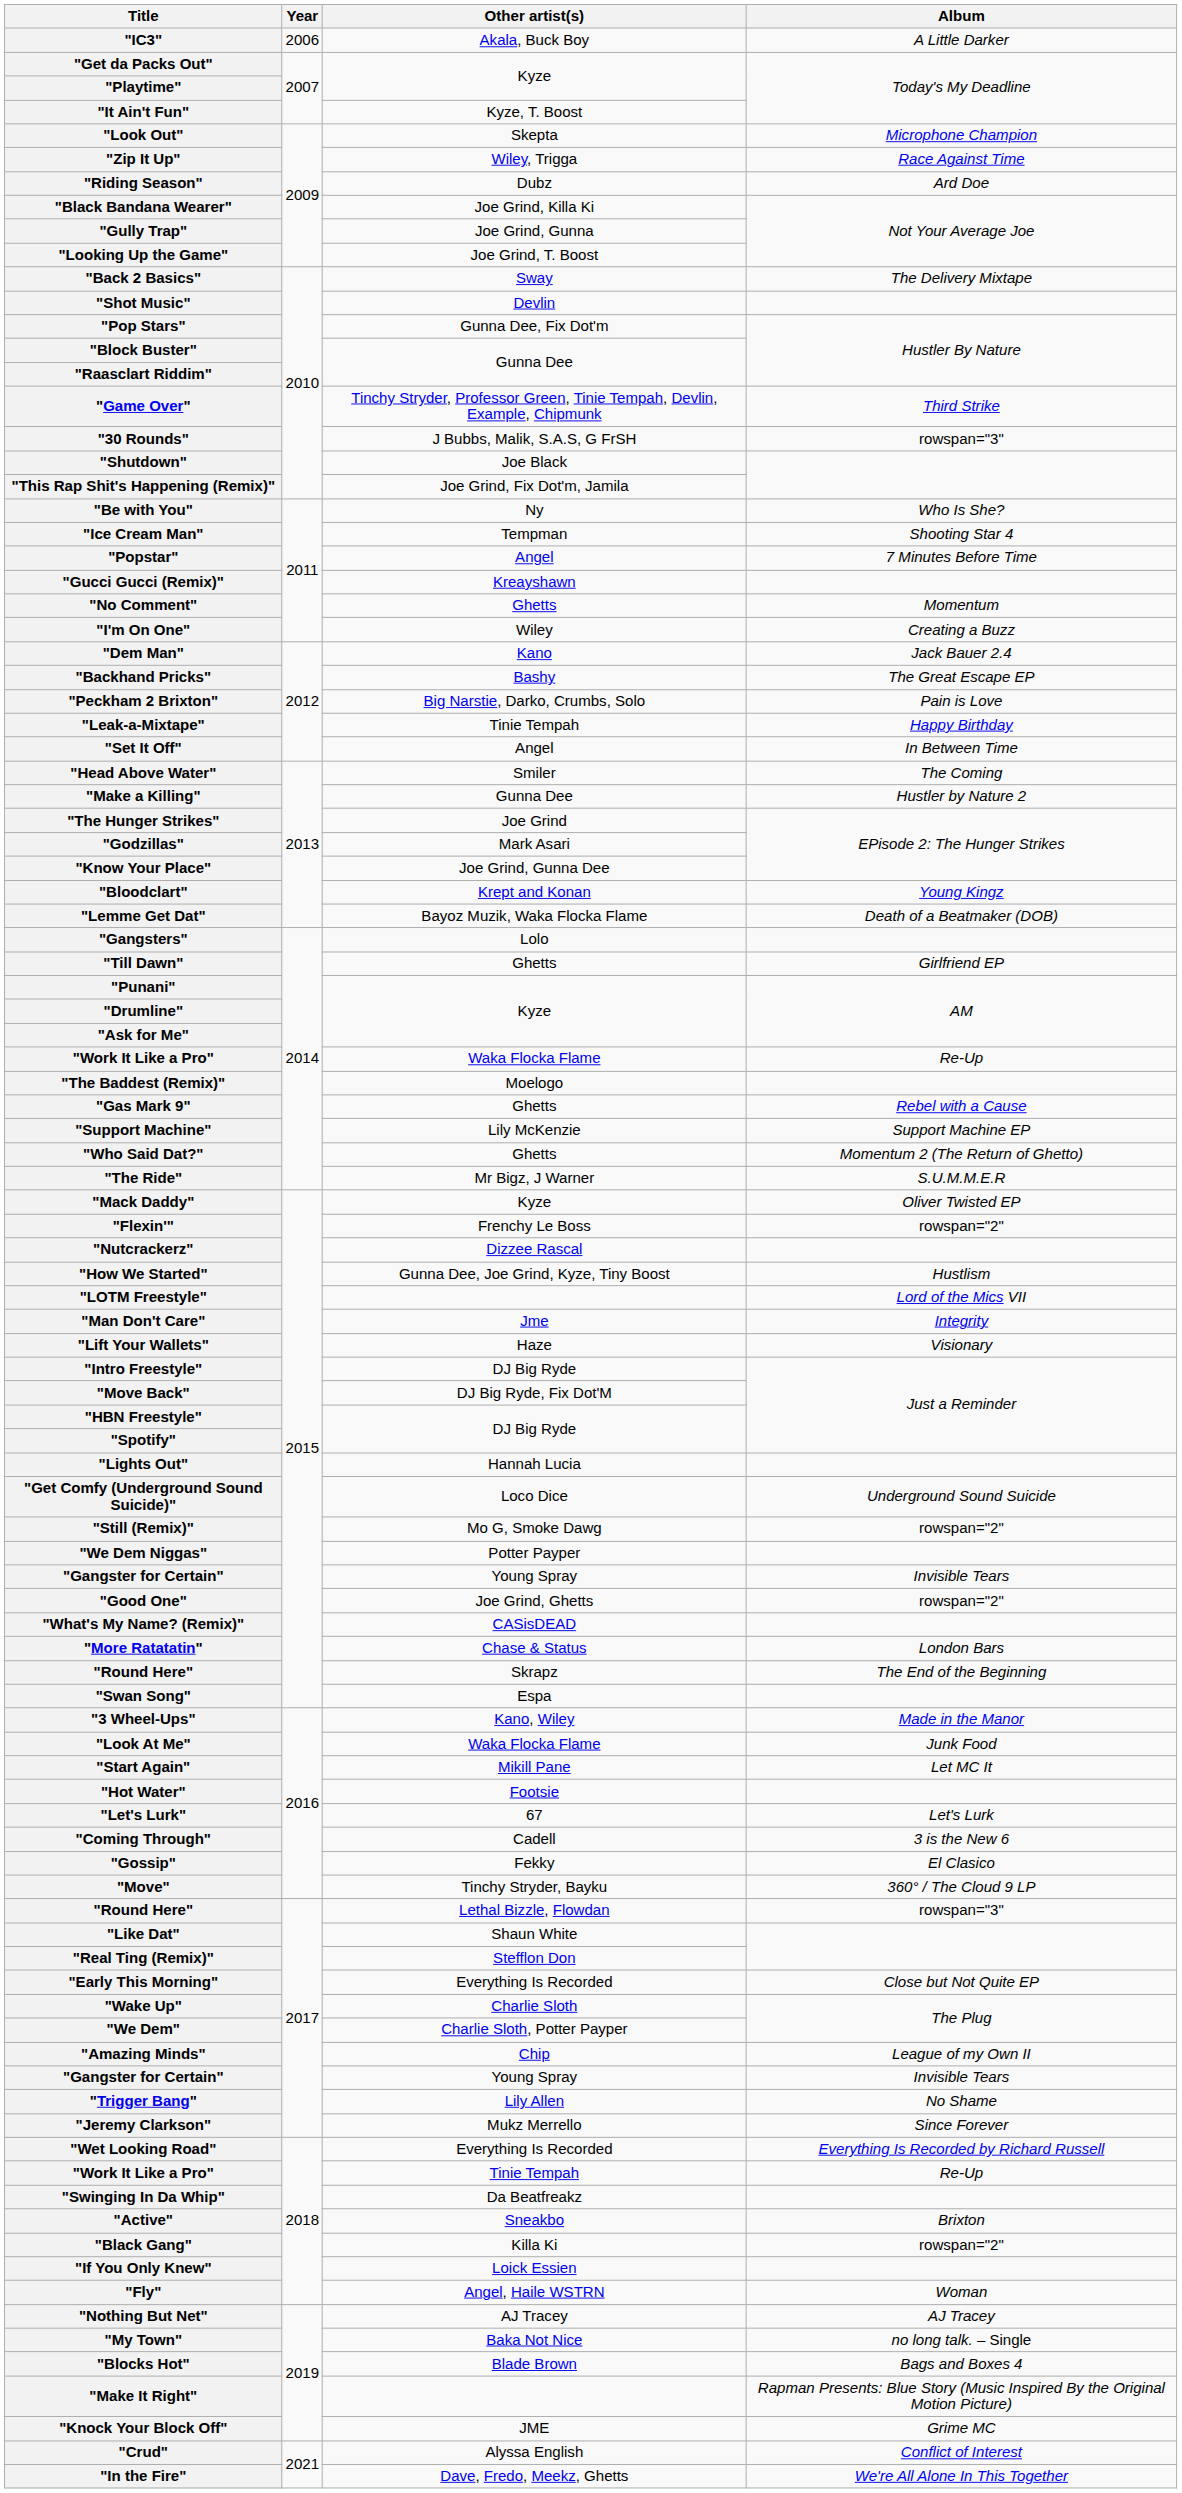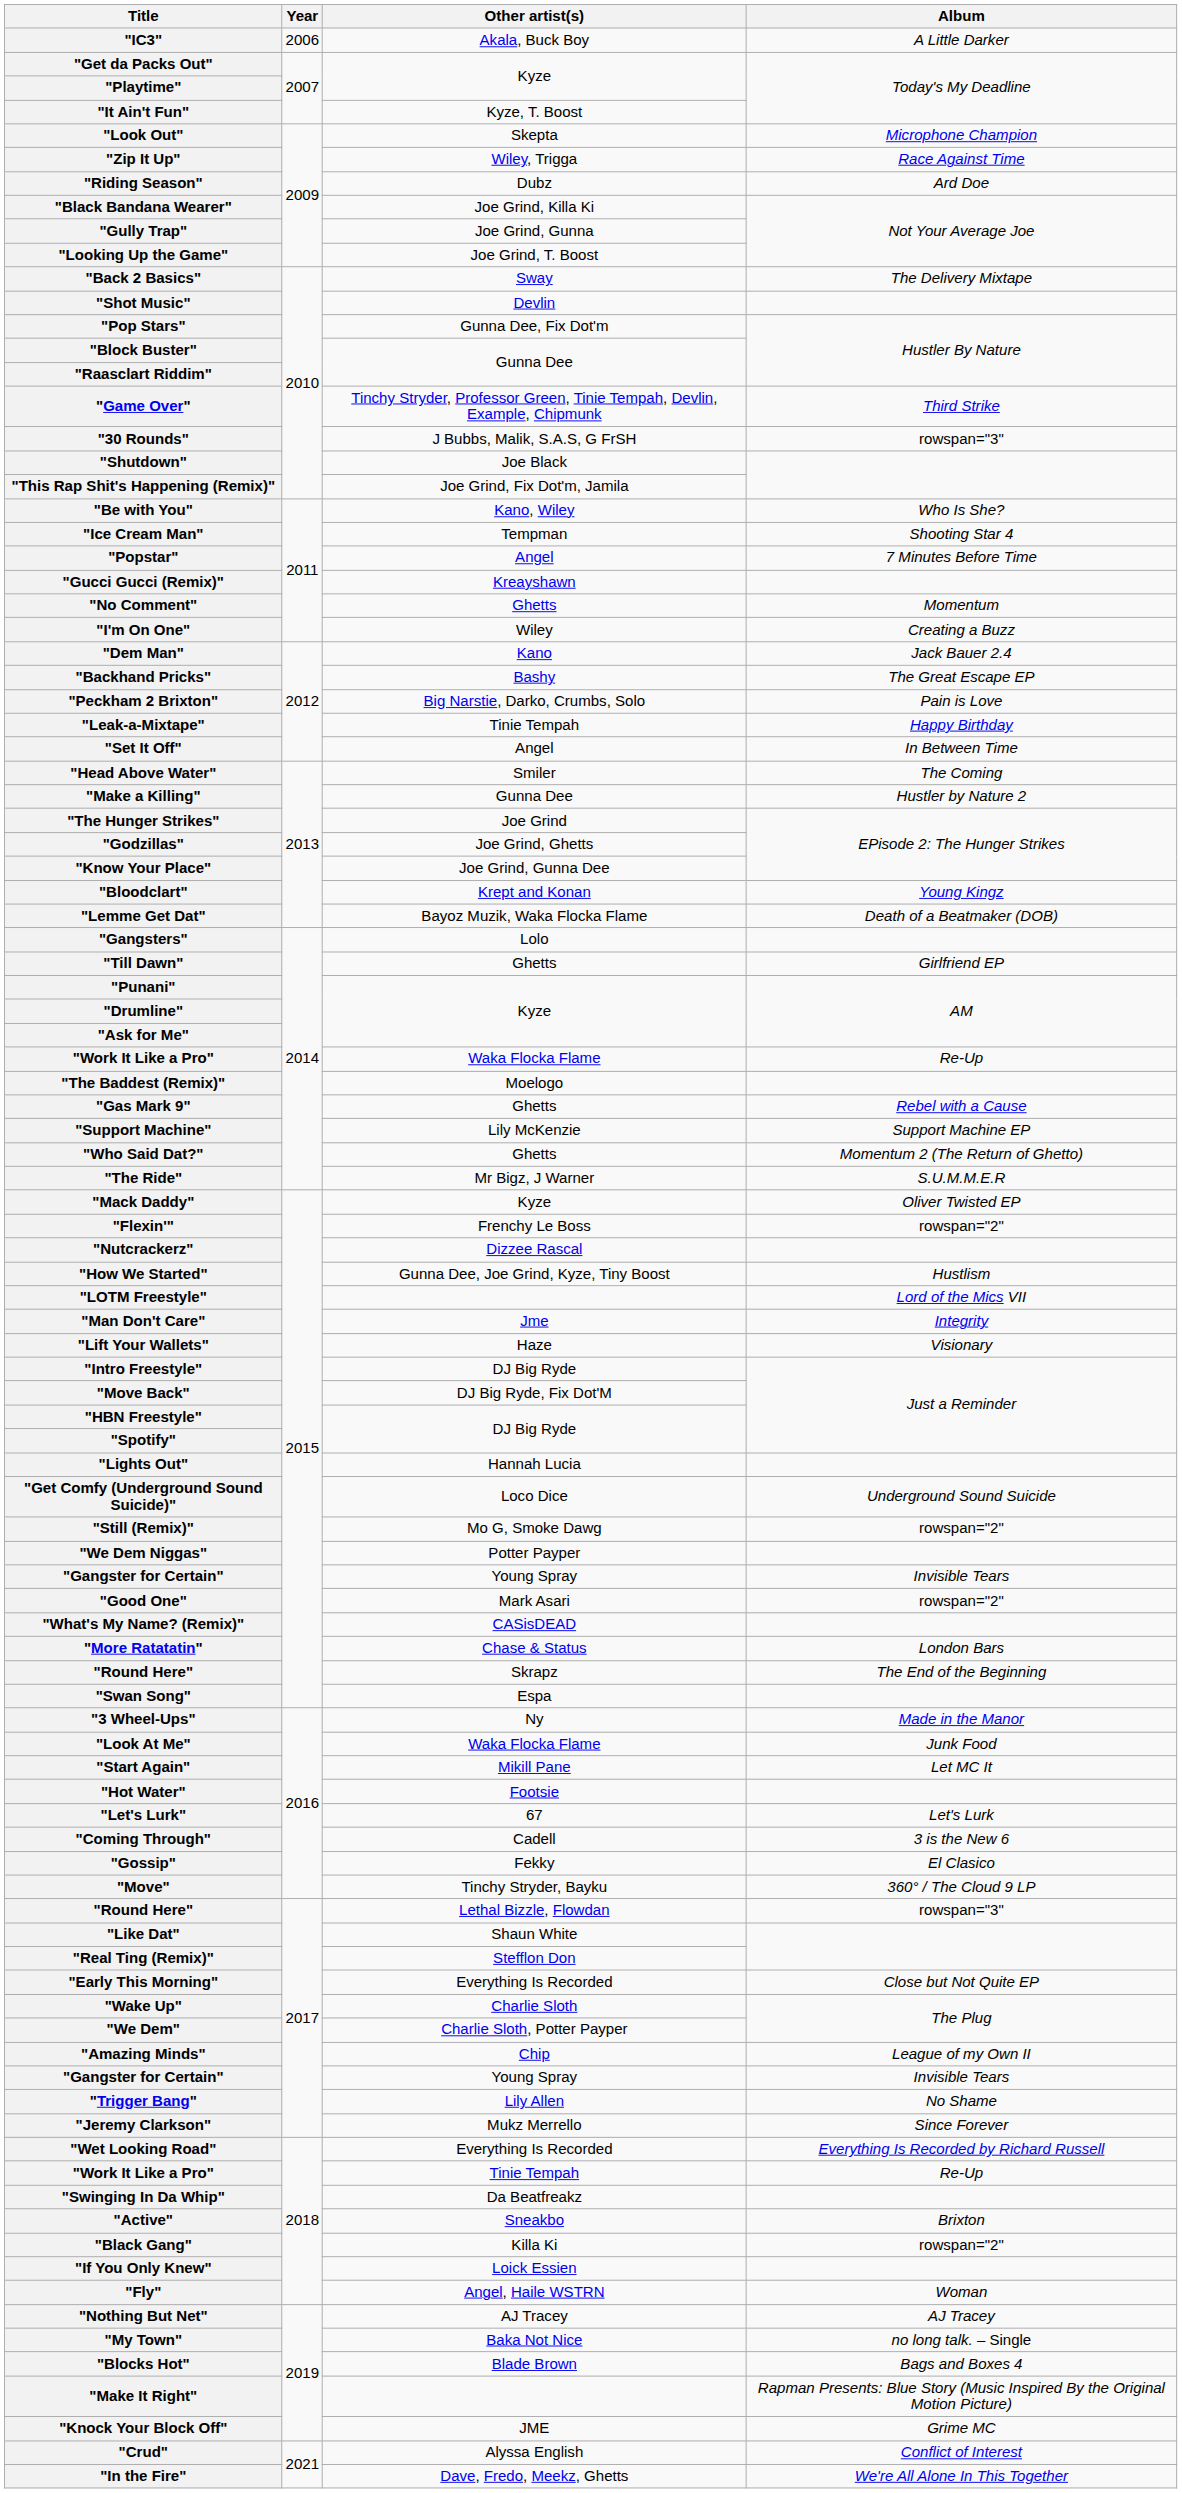 <table class="wikitable plainrowheaders" style="text-align:center;">
 <tr>
 <th scope="col" style="width:18em;">Title</th>
 <th scope="col">Year</th>
 <th scope="col">Other artist(s)</th>
 <th scope="col">Album</th>
 </tr>
 <tr>
 <th scope="row">"IC3"</th>
 <td>2006</td>
 <td><a href='#'>Akala</a>, Buck Boy</td>
 <td><em>A Little Darker</em></td>
 </tr>
 <tr>
 <th scope="row">"Get da Packs Out"</th>
 <td rowspan="3">2007</td>
 <td rowspan="2">Kyze</td>
 <td rowspan="3"><em>Today's My Deadline</em></td>
 </tr>
 <tr>
 <th scope="row">"Playtime"</th>
 </tr>
 <tr>
 <th scope="row">"It Ain't Fun"</th>
 <td>Kyze, T. Boost</td>
 </tr>
 <tr>
 <th scope="row">"Look Out"</th>
 <td rowspan="6">2009</td>
 <td>Skepta</td>
 <td><em><a href='#'>Microphone Champion</a></em></td>
 </tr>
 <tr>
 <th scope="row">"Zip It Up"</th>
 <td><a href='#'>Wiley</a>, Trigga</td>
 <td><em><a href='#'>Race Against Time</a></em></td>
 </tr>
 <tr>
 <th scope="row">"Riding Season"</th>
 <td>Dubz</td>
 <td><em>Ard Doe</em></td>
 </tr>
 <tr>
 <th scope="row">"Black Bandana Wearer"</th>
 <td>Joe Grind, Killa Ki</td>
 <td rowspan="3"><em>Not Your Average Joe</em></td>
 </tr>
 <tr>
 <th scope="row">"Gully Trap"</th>
 <td>Joe Grind, Gunna</td>
 </tr>
 <tr>
 <th scope="row">"Looking Up the Game"</th>
 <td>Joe Grind, T. Boost</td>
 </tr>
 <tr>
 <th scope="row">"Back 2 Basics"</th>
 <td rowspan="9">2010</td>
 <td><a href='#'>Sway</a></td>
 <td><em>The Delivery Mixtape</em></td>
 </tr>
 <tr>
 <th scope="row">"Shot Music"</th>
 <td><a href='#'>Devlin</a></td>
 <td></td>
 </tr>
 <tr>
 <th scope="row">"Pop Stars"</th>
 <td>Gunna Dee, Fix Dot'm</td>
 <td rowspan="3"><em>Hustler By Nature</em></td>
 </tr>
 <tr>
 <th scope="row">"Block Buster"</th>
 <td rowspan="2">Gunna Dee</td>
 </tr>
 <tr>
 <th scope="row">"Raasclart Riddim"</th>
 </tr>
 <tr>
 <th scope="row">"<a href='#'>Game Over</a>"</th>
 <td><a href='#'>Tinchy Stryder</a>, <a href='#'>Professor Green</a>, <a href='#'>Tinie Tempah</a>, <a href='#'>Devlin</a>, <a href='#'>Example</a>, <a href='#'>Chipmunk</a></td>
 <td><em><a href='#'>Third Strike</a></em></td>
 </tr>
 <tr>
 <th scope="row">"30 Rounds"</th>
 <td>J Bubbs, Malik, S.A.S, G FrSH</td>
 <td>rowspan="3" </td>
 </tr>
 <tr>
 <th scope="row">"Shutdown"</th>
 <td>Joe Black</td>
 </tr>
 <tr>
 <th scope="row">"This Rap Shit's Happening (Remix)"</th>
 <td>Joe Grind, Fix Dot'm, Jamila</td>
 </tr>
 <tr>
 <th scope="row">"Be with You"</th>
 <td rowspan="6">2011</td>
-<td>Ny</td>
+<td><a href='#'>Kano</a>, <a href='#'>Wiley</a></td>
 <td><em>Who Is She?</em></td>
 </tr>
 <tr>
 <th scope="row">"Ice Cream Man"</th>
 <td>Tempman</td>
 <td><em>Shooting Star 4</em></td>
 </tr>
 <tr>
 <th scope="row">"Popstar"</th>
 <td><a href='#'>Angel</a></td>
 <td><em>7 Minutes Before Time</em></td>
 </tr>
 <tr>
 <th scope="row">"Gucci Gucci (Remix)"</th>
 <td><a href='#'>Kreayshawn</a></td>
 <td></td>
 </tr>
 <tr>
 <th scope="row">"No Comment"</th>
 <td><a href='#'>Ghetts</a></td>
 <td><em>Momentum</em></td>
 </tr>
 <tr>
 <th scope="row">"I'm On One"</th>
 <td>Wiley</td>
 <td><em>Creating a Buzz</em></td>
 </tr>
 <tr>
 <th scope="row">"Dem Man"</th>
 <td rowspan="5">2012</td>
 <td><a href='#'>Kano</a></td>
 <td><em>Jack Bauer 2.4</em></td>
 </tr>
 <tr>
 <th scope="row">"Backhand Pricks"</th>
 <td><a href='#'>Bashy</a></td>
 <td><em>The Great Escape EP</em></td>
 </tr>
 <tr>
 <th scope="row">"Peckham 2 Brixton"</th>
 <td><a href='#'>Big Narstie</a>, Darko, Crumbs, Solo</td>
 <td><em>Pain is Love</em></td>
 </tr>
 <tr>
 <th scope="row">"Leak-a-Mixtape"</th>
 <td>Tinie Tempah</td>
 <td><em><a href='#'>Happy Birthday</a></em></td>
 </tr>
 <tr>
 <th scope="row">"Set It Off"</th>
 <td>Angel</td>
 <td><em>In Between Time</em></td>
 </tr>
 <tr>
 <th scope="row">"Head Above Water"</th>
 <td rowspan="7">2013</td>
 <td>Smiler</td>
 <td><em>The Coming</em></td>
 </tr>
 <tr>
 <th scope="row">"Make a Killing"</th>
 <td>Gunna Dee</td>
 <td><em>Hustler by Nature 2</em></td>
 </tr>
 <tr>
 <th scope="row">"The Hunger Strikes"</th>
 <td>Joe Grind</td>
 <td rowspan="3"><em>EPisode 2: The Hunger Strikes</em></td>
 </tr>
 <tr>
 <th scope="row">"Godzillas"</th>
-<td>Mark Asari</td>
+<td>Joe Grind, Ghetts</td>
 </tr>
 <tr>
 <th scope="row">"Know Your Place"</th>
 <td>Joe Grind, Gunna Dee</td>
 </tr>
 <tr>
 <th scope="row">"Bloodclart"</th>
 <td><a href='#'>Krept and Konan</a></td>
 <td><em><a href='#'>Young Kingz</a></em></td>
 </tr>
 <tr>
 <th scope="row">"Lemme Get Dat"</th>
 <td>Bayoz Muzik, Waka Flocka Flame</td>
 <td><em>Death of a Beatmaker (DOB)</em></td>
 </tr>
 <tr>
 <th scope="row">"Gangsters"</th>
 <td rowspan="11">2014</td>
 <td>Lolo</td>
 <td></td>
 </tr>
 <tr>
 <th scope="row">"Till Dawn"</th>
 <td>Ghetts</td>
 <td><em>Girlfriend EP</em></td>
 </tr>
 <tr>
 <th scope="row">"Punani"</th>
 <td rowspan="3">Kyze</td>
 <td rowspan="3"><em>AM</em></td>
 </tr>
 <tr>
 <th scope="row">"Drumline"</th>
 </tr>
 <tr>
 <th scope="row">"Ask for Me"</th>
 </tr>
 <tr>
 <th scope="row">"Work It Like a Pro"</th>
 <td><a href='#'>Waka Flocka Flame</a></td>
 <td><em>Re-Up</em></td>
 </tr>
 <tr>
 <th scope="row">"The Baddest (Remix)"</th>
 <td>Moelogo</td>
 <td></td>
 </tr>
 <tr>
 <th scope="row">"Gas Mark 9"</th>
 <td>Ghetts</td>
 <td><em><a href='#'>Rebel with a Cause</a></em></td>
 </tr>
 <tr>
 <th scope="row">"Support Machine"</th>
 <td>Lily McKenzie</td>
 <td><em>Support Machine EP</em></td>
 </tr>
 <tr>
 <th scope="row">"Who Said Dat?"</th>
 <td>Ghetts</td>
 <td><em>Momentum 2 (The Return of Ghetto)</em></td>
 </tr>
 <tr>
 <th scope="row">"The Ride"</th>
 <td>Mr Bigz, J Warner</td>
 <td><em>S.U.M.M.E.R</em></td>
 </tr>
 <tr>
 <th scope="row">"Mack Daddy"</th>
 <td rowspan="21">2015</td>
 <td>Kyze</td>
 <td><em>Oliver Twisted EP</em></td>
 </tr>
 <tr>
 <th scope="row">"Flexin'"</th>
 <td>Frenchy Le Boss</td>
 <td>rowspan="2" </td>
 </tr>
 <tr>
 <th scope="row">"Nutcrackerz"</th>
 <td><a href='#'>Dizzee Rascal</a></td>
 </tr>
 <tr>
 <th scope="row">"How We Started"</th>
 <td>Gunna Dee, Joe Grind, Kyze, Tiny Boost</td>
 <td><em>Hustlism</em></td>
 </tr>
 <tr>
 <th scope="row">"LOTM Freestyle"</th>
 <td></td>
 <td><em><a href='#'>Lord of the Mics</a> VII</em></td>
 </tr>
 <tr>
 <th scope="row">"Man Don't Care"</th>
 <td><a href='#'>Jme</a></td>
 <td><em><a href='#'>Integrity</a></em></td>
 </tr>
 <tr>
 <th scope="row">"Lift Your Wallets"</th>
 <td>Haze</td>
 <td><em>Visionary</em></td>
 </tr>
 <tr>
 <th scope="row">"Intro Freestyle"</th>
 <td>DJ Big Ryde</td>
 <td rowspan="4"><em>Just a Reminder</em></td>
 </tr>
 <tr>
 <th scope="row">"Move Back"</th>
 <td>DJ Big Ryde, Fix Dot'M</td>
 </tr>
 <tr>
 <th scope="row">"HBN Freestyle"</th>
 <td rowspan="2">DJ Big Ryde</td>
 </tr>
 <tr>
 <th scope="row">"Spotify"</th>
 </tr>
 <tr>
 <th scope="row">"Lights Out"</th>
 <td>Hannah Lucia</td>
 <td></td>
 </tr>
 <tr>
 <th scope="row">"Get Comfy (Underground Sound Suicide)"</th>
 <td>Loco Dice</td>
 <td><em>Underground Sound Suicide</em></td>
 </tr>
 <tr>
 <th scope="row">"Still (Remix)"</th>
 <td>Mo G, Smoke Dawg</td>
 <td>rowspan="2" </td>
 </tr>
 <tr>
 <th scope="row">"We Dem Niggas"</th>
 <td>Potter Payper</td>
 </tr>
 <tr>
 <th scope="row">"Gangster for Certain"</th>
 <td>Young Spray</td>
 <td><em>Invisible Tears</em></td>
 </tr>
 <tr>
 <th scope="row">"Good One"</th>
-<td>Joe Grind, Ghetts</td>
+<td>Mark Asari</td>
 <td>rowspan="2" </td>
 </tr>
 <tr>
 <th scope="row">"What's My Name? (Remix)"</th>
 <td><a href='#'>CASisDEAD</a></td>
 </tr>
 <tr>
 <th scope="row">"<a href='#'>More Ratatatin</a>"</th>
 <td><a href='#'>Chase & Status</a></td>
 <td><em>London Bars</em></td>
 </tr>
 <tr>
 <th scope="row">"Round Here"</th>
 <td>Skrapz</td>
 <td><em>The End of the Beginning</em></td>
 </tr>
 <tr>
 <th scope="row">"Swan Song"</th>
 <td>Espa</td>
 <td></td>
 </tr>
 <tr>
 <th scope="row">"3 Wheel-Ups"</th>
 <td rowspan="8">2016</td>
-<td><a href='#'>Kano</a>, <a href='#'>Wiley</a></td>
+<td>Ny</td>
 <td><em><a href='#'>Made in the Manor</a></em></td>
 </tr>
 <tr>
 <th scope="row">"Look At Me"</th>
 <td><a href='#'>Waka Flocka Flame</a></td>
 <td><em>Junk Food</em></td>
 </tr>
 <tr>
 <th scope="row">"Start Again"</th>
 <td><a href='#'>Mikill Pane</a></td>
 <td><em>Let MC It</em></td>
 </tr>
 <tr>
 <th scope="row">"Hot Water"</th>
 <td><a href='#'>Footsie</a></td>
 <td></td>
 </tr>
 <tr>
 <th scope="row">"Let's Lurk"</th>
 <td>67</td>
 <td><em>Let's Lurk</em></td>
 </tr>
 <tr>
 <th scope="row">"Coming Through"</th>
 <td>Cadell</td>
 <td><em>3 is the New 6</em></td>
 </tr>
 <tr>
 <th scope="row">"Gossip"</th>
 <td>Fekky</td>
 <td><em>El Clasico</em></td>
 </tr>
 <tr>
 <th scope="row">"Move"</th>
 <td>Tinchy Stryder, Bayku</td>
 <td><em>360° / The Cloud 9 LP</em></td>
 </tr>
 <tr>
 <th scope="row">"Round Here"</th>
 <td rowspan="10">2017</td>
 <td><a href='#'>Lethal Bizzle</a>, <a href='#'>Flowdan</a></td>
 <td>rowspan="3" </td>
 </tr>
 <tr>
 <th scope="row">"Like Dat"</th>
 <td>Shaun White</td>
 </tr>
 <tr>
 <th scope="row">"Real Ting (Remix)"</th>
 <td><a href='#'>Stefflon Don</a></td>
 </tr>
 <tr>
 <th scope="row">"Early This Morning"</th>
 <td>Everything Is Recorded</td>
 <td><em>Close but Not Quite EP</em></td>
 </tr>
 <tr>
 <th scope="row">"Wake Up"</th>
 <td><a href='#'>Charlie Sloth</a></td>
 <td rowspan="2"><em>The Plug</em></td>
 </tr>
 <tr>
 <th scope="row">"We Dem"</th>
 <td><a href='#'>Charlie Sloth</a>, Potter Payper</td>
 </tr>
 <tr>
 <th scope="row">"Amazing Minds"</th>
 <td><a href='#'>Chip</a></td>
 <td><em>League of my Own II</em></td>
 </tr>
 <tr>
 <th scope="row">"Gangster for Certain"</th>
 <td>Young Spray</td>
 <td><em>Invisible Tears</em></td>
 </tr>
 <tr>
 <th scope="row">"<a href='#'>Trigger Bang</a>"</th>
 <td><a href='#'>Lily Allen</a></td>
 <td><em>No Shame</em></td>
 </tr>
 <tr>
 <th scope="row">"Jeremy Clarkson"</th>
 <td>Mukz Merrello</td>
 <td><em>Since Forever</em></td>
 </tr>
 <tr>
 <th scope="row">"Wet Looking Road"</th>
 <td rowspan="7">2018</td>
 <td>Everything Is Recorded</td>
 <td><em><a href='#'>Everything Is Recorded by Richard Russell</a></em></td>
 </tr>
 <tr>
 <th scope="row">"Work It Like a Pro"</th>
 <td><a href='#'>Tinie Tempah</a></td>
 <td><em>Re-Up</em></td>
 </tr>
 <tr>
 <th scope="row">"Swinging In Da Whip"</th>
 <td>Da Beatfreakz</td>
 <td></td>
 </tr>
 <tr>
 <th scope="row">"Active"</th>
 <td><a href='#'>Sneakbo</a></td>
 <td><em>Brixton</em></td>
 </tr>
 <tr>
 <th scope="row">"Black Gang"</th>
 <td>Killa Ki</td>
 <td>rowspan="2" </td>
 </tr>
 <tr>
 <th scope="row">"If You Only Knew"</th>
 <td><a href='#'>Loick Essien</a></td>
 </tr>
 <tr>
 <th scope="row">"Fly"</th>
 <td><a href='#'>Angel</a>, <a href='#'>Haile WSTRN</a></td>
 <td><em>Woman</em></td>
 </tr>
 <tr>
 <th scope="row">"Nothing But Net"</th>
 <td rowspan="5">2019</td>
 <td>AJ Tracey</td>
 <td><em>AJ Tracey</em></td>
 </tr>
 <tr>
 <th scope="row">"My Town"</th>
 <td><a href='#'>Baka Not Nice</a></td>
 <td><em>no long talk.</em> – Single</td>
 </tr>
 <tr>
 <th scope="row">"Blocks Hot"</th>
 <td><a href='#'>Blade Brown</a></td>
 <td><em>Bags and Boxes 4</em></td>
 </tr>
 <tr>
 <th scope="row">"Make It Right"</th>
 <td></td>
 <td><em>Rapman Presents: Blue Story (Music Inspired By the Original Motion Picture)</em></td>
 </tr>
 <tr>
 <th scope="row">"Knock Your Block Off"</th>
 <td>JME</td>
 <td><em>Grime MC</em></td>
 </tr>
 <tr>
 <th scope="row">"Crud"</th>
 <td rowspan="2">2021</td>
 <td>Alyssa English</td>
 <td><em><a href='#'>Conflict of Interest</a></em></td>
 </tr>
 <tr>
 <th scope="row">"In the Fire"</th>
 <td><a href='#'>Dave</a>, <a href='#'>Fredo</a>, <a href='#'>Meekz</a>, Ghetts</td>
 <td><em><a href='#'>We're All Alone In This Together</a></em></td>
 </tr>
 </table>
